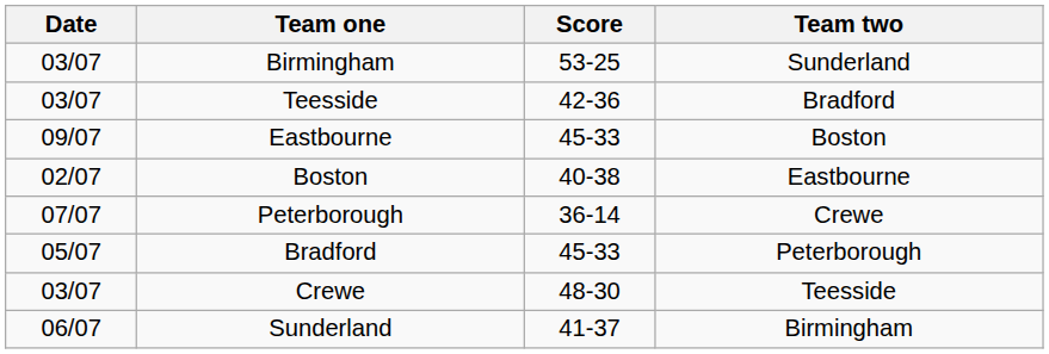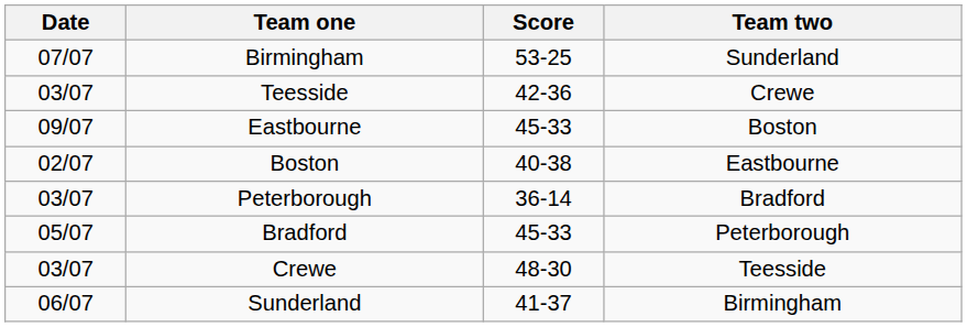 <table class="wikitable" style="text-align: center">
 <tr>
 <th width=80>Date</th>
 <th width=250>Team one</th>
 <th width=80>Score</th>
 <th width=250>Team two</th>
 </tr>
 <tr>
-<td>03/07</td>
+<td>07/07</td>
 <td>Birmingham</td>
 <td>53-25</td>
 <td>Sunderland</td>
 </tr>
 <tr>
 <td>03/07</td>
 <td>Teesside</td>
 <td>42-36</td>
-<td>Bradford</td>
+<td>Crewe</td>
 </tr>
 <tr>
 <td>09/07</td>
 <td>Eastbourne</td>
 <td>45-33</td>
 <td>Boston</td>
 </tr>
 <tr>
 <td>02/07</td>
 <td>Boston</td>
 <td>40-38</td>
 <td>Eastbourne</td>
 </tr>
 <tr>
-<td>07/07</td>
+<td>03/07</td>
 <td>Peterborough</td>
 <td>36-14</td>
-<td>Crewe</td>
+<td>Bradford</td>
 </tr>
 <tr>
 <td>05/07</td>
 <td>Bradford</td>
 <td>45-33</td>
 <td>Peterborough</td>
 </tr>
 <tr>
 <td>03/07</td>
 <td>Crewe</td>
 <td>48-30</td>
 <td>Teesside</td>
 </tr>
 <tr>
 <td>06/07</td>
 <td>Sunderland</td>
 <td>41-37</td>
 <td>Birmingham</td>
 </tr>
 </table>
